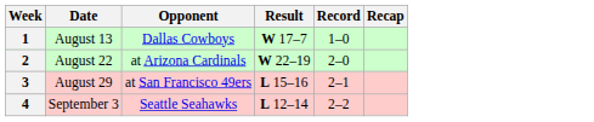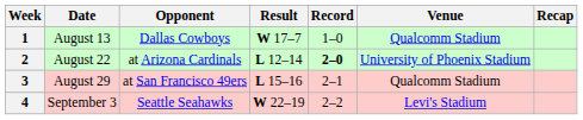 <table class="wikitable" style="text-align:center">
 <tr>
 <th>Week</th>
 <th>Date</th>
 <th>Opponent</th>
 <th>Result</th>
 <th>Record</th>
+<th>Venue</th>
 <th>Recap</th>
 </tr>
 <tr style="background:#cfc">
 <th>1</th>
 <td>August 13</td>
 <td><a href='#'>Dallas Cowboys</a></td>
 <td><strong>W</strong> 17–7</td>
 <td>1–0</td>
+<td><a href='#'>Qualcomm Stadium</a></td>
 <td></td>
 </tr>
 <tr style="background:#cfc">
 <th>2</th>
 <td>August 22</td>
 <td>at <a href='#'>Arizona Cardinals</a></td>
-<td><strong>W</strong> 22–19</td>
-<td>2–0</td>
+<td><strong>L</strong> 12–14</td>
+<td><strong>2–0</strong></td>
+<td><a href='#'>University of Phoenix Stadium</a></td>
 <td></td>
 </tr>
 <tr style="background:#fcc">
 <th>3</th>
 <td>August 29</td>
 <td>at <a href='#'>San Francisco 49ers</a></td>
 <td><strong>L</strong> 15–16</td>
 <td>2–1</td>
+<td>Qualcomm Stadium</td>
 <td></td>
 </tr>
 <tr style="background:#fcc">
 <th>4</th>
 <td>September 3</td>
 <td><a href='#'>Seattle Seahawks</a></td>
-<td><strong>L</strong> 12–14</td>
+<td><strong>W</strong> 22–19</td>
 <td>2–2</td>
+<td><a href='#'>Levi's Stadium</a></td>
 <td></td>
 </tr>
 </table>
